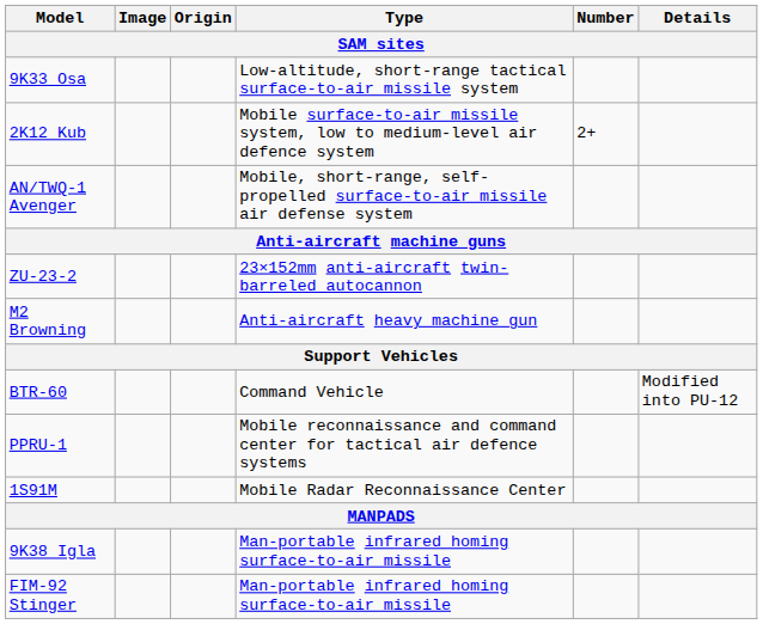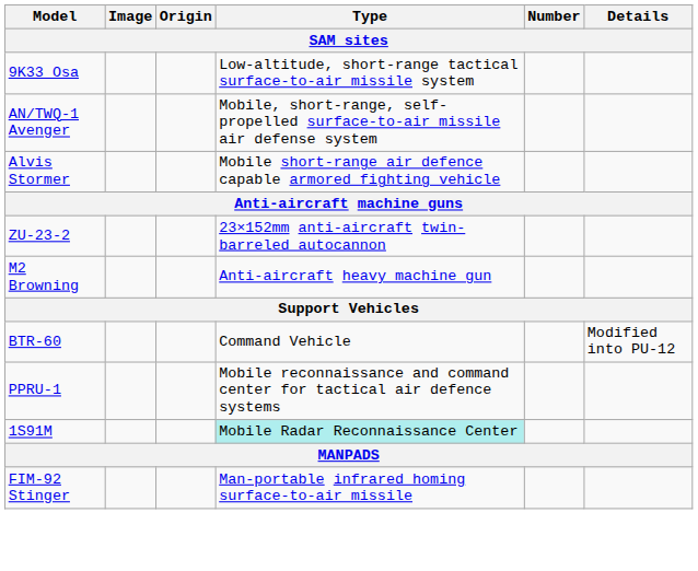 <table class="wikitable">
 <tr>
 <th>Model</th>
 <th>Image</th>
 <th>Origin</th>
 <th>Type</th>
 <th style="width:5%;">Number</th>
 <th>Details</th>
 </tr>
 <tr>
 <th colspan="6" style="align: center;"><a href='#'>SAM sites</a></th>
 </tr>
 <tr>
 <td><a href='#'>9K33 Osa</a></td>
 <td></td>
 <td></td>
 <td>Low-altitude, short-range tactical <a href='#'>surface-to-air missile</a> system</td>
 <td></td>
 </tr>
 <tr>
-<td><a href='#'>2K12 Kub</a></td>
-<td></td>
-<td><br></td>
-<td>Mobile <a href='#'>surface-to-air missile</a> system, low to medium-level air defence system</td>
-<td>2+</td>
-<td></td>
-</tr>
-<tr>
 <td><a href='#'>AN/TWQ-1 Avenger</a></td>
 <td></td>
 <td></td>
 <td>Mobile, short-range, self-propelled <a href='#'>surface-to-air missile</a> air defense system</td>
+<td></td>
+<td></td>
+</tr>
+<tr>
+<td><a href='#'>Alvis Stormer</a></td>
+<td></td>
+<td></td>
+<td>Mobile <a href='#'>short-range air defence</a> capable <a href='#'>armored fighting vehicle</a></td>
 <td></td>
 <td></td>
 </tr>
 <tr>
 <th colspan="6" style="align: center;"><a href='#'>Anti-aircraft</a> <a href='#'>machine guns</a></th>
 </tr>
 <tr>
 <td><a href='#'>ZU-23-2</a></td>
 <td></td>
 <td></td>
 <td><a href='#'>23×152mm</a> <a href='#'>anti-aircraft</a> <a href='#'>twin-barreled autocannon</a></td>
 <td></td>
 <td></td>
 </tr>
 <tr>
 <td><a href='#'>M2 Browning</a></td>
 <td></td>
 <td></td>
 <td><a href='#'>Anti-aircraft</a> <a href='#'>heavy machine gun</a></td>
 <td></td>
 <td></td>
 </tr>
 <tr>
 <th colspan="6" style="align: center;">Support Vehicles</th>
 </tr>
 <tr>
 <td><a href='#'>BTR-60</a></td>
 <td></td>
 <td></td>
 <td>Command Vehicle</td>
 <td></td>
 <td>Modified into PU-12</td>
 </tr>
 <tr>
 <td><a href='#'>PPRU-1</a></td>
 <td></td>
 <td></td>
 <td>Mobile reconnaissance and command center for tactical air defence systems</td>
 <td></td>
 <td></td>
 </tr>
 <tr>
 <td><a href='#'>1S91M</a></td>
 <td></td>
 <td></td>
-<td>Mobile Radar Reconnaissance Center</td>
+<td style="background: paleturquoise;">Mobile Radar Reconnaissance Center</td>
 <td></td>
 <td></td>
 </tr>
 <tr>
 <th colspan="6" style="align: center;"><a href='#'>MANPADS</a></th>
-</tr>
-<tr>
-<td><a href='#'>9K38 Igla</a></td>
-<td></td>
-<td></td>
-<td><a href='#'>Man-portable</a> <a href='#'>infrared homing</a> <a href='#'>surface-to-air missile</a></td>
-<td></td>
-<td></td>
 </tr>
 <tr>
 <td><a href='#'>FIM-92 Stinger</a></td>
 <td></td>
 <td></td>
 <td><a href='#'>Man-portable</a> <a href='#'>infrared homing</a> <a href='#'>surface-to-air missile</a></td>
 <td></td>
 <td></td>
 </tr>
 </table>
